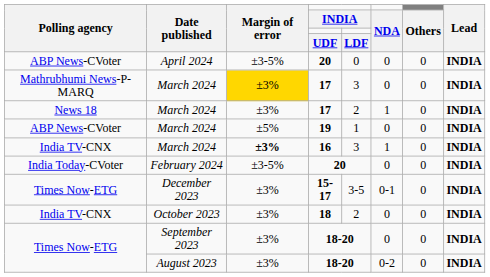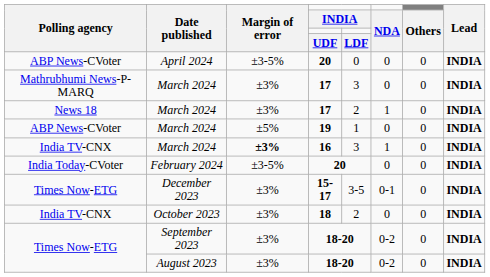 <table class="wikitable sortable" style="text-align:center;font-size:95%;line-height:16px">
 <tr>
 <th rowspan="4">Polling agency</th>
 <th rowspan="4">Date published</th>
 <th rowspan="4">Margin of error</th>
 <td colspan="2"></td>
 <td colspan="1"></td>
 <td colspan="1" bgcolor="grey"></td>
 <th rowspan="4">Lead</th>
 </tr>
 <tr>
 <th colspan="2"><a href='#'>INDIA</a></th>
 <th rowspan="3"><a href='#'>NDA</a></th>
 <th rowspan="3">Others</th>
 </tr>
 <tr>
 <td rowspan="1"></td>
 <td rowspan="1"></td>
 </tr>
 <tr>
 <th rowspan="1"><a href='#'>UDF</a></th>
 <th rowspan="1"><a href='#'>LDF</a></th>
 </tr>
 <tr>
 <td><a href='#'>ABP News</a>-CVoter</td>
 <td><em>April 2024</em></td>
 <td>±3-5%</td>
 <td><strong>20</strong></td>
 <td>0</td>
 <td>0</td>
 <td>0</td>
 <td><strong>INDIA</strong></td>
 </tr>
 <tr>
 <td><a href='#'>Mathrubhumi News</a>-P-MARQ</td>
 <td><em>March 2024</em></td>
-<td style="background: gold;">±3%</td>
+<td>±3%</td>
 <td><strong>17</strong></td>
 <td>3</td>
 <td>0</td>
 <td>0</td>
 <td><strong>INDIA</strong></td>
 </tr>
 <tr>
 <td><a href='#'>News 18</a></td>
 <td><em>March 2024</em></td>
 <td>±3%</td>
 <td><strong>17</strong></td>
 <td>2</td>
 <td>1</td>
 <td>0</td>
 <td><strong>INDIA</strong></td>
 </tr>
 <tr>
 <td><a href='#'>ABP News</a>-CVoter</td>
 <td><em>March 2024</em></td>
 <td>±5%</td>
 <td><strong>19</strong></td>
 <td>1</td>
 <td>0</td>
 <td>0</td>
 <td><strong>INDIA</strong></td>
 </tr>
 <tr>
 <td><a href='#'>India TV</a>-CNX</td>
 <td><em>March 2024</em></td>
 <td><strong>±3%</strong></td>
 <td><strong>16</strong></td>
 <td>3</td>
 <td>1</td>
 <td>0</td>
 <td><strong>INDIA</strong></td>
 </tr>
 <tr>
 <td><a href='#'>India Today</a>-CVoter</td>
 <td><em>February 2024</em></td>
 <td>±3-5%</td>
 <td colspan="2"><strong>20</strong></td>
 <td>0</td>
 <td>0</td>
 <td><strong>INDIA</strong></td>
 </tr>
 <tr>
 <td><a href='#'>Times Now</a>-<a href='#'>ETG</a></td>
 <td><em>December 2023</em></td>
 <td>±3%</td>
 <td><strong>15-17</strong></td>
 <td>3-5</td>
 <td>0-1</td>
 <td>0</td>
 <td><strong>INDIA</strong></td>
 </tr>
 <tr>
 <td><a href='#'>India TV</a>-CNX</td>
 <td><em>October 2023</em></td>
 <td>±3%</td>
 <td><strong>18</strong></td>
 <td>2</td>
 <td>0</td>
 <td>0</td>
 <td><strong>INDIA</strong></td>
 </tr>
 <tr>
 <td rowspan="2"><a href='#'>Times Now</a>-<a href='#'>ETG</a></td>
 <td><em>September 2023</em></td>
 <td>±3%</td>
 <td colspan="2"><strong>18-20</strong></td>
-<td>0</td>
+<td>0-2</td>
 <td>0</td>
 <td><strong>INDIA</strong></td>
 </tr>
 <tr>
 <td><em>August 2023</em></td>
 <td>±3%</td>
 <td colspan="2"><strong>18-20</strong></td>
 <td>0-2</td>
 <td>0</td>
 <td><strong>INDIA</strong></td>
 </tr>
 </table>
